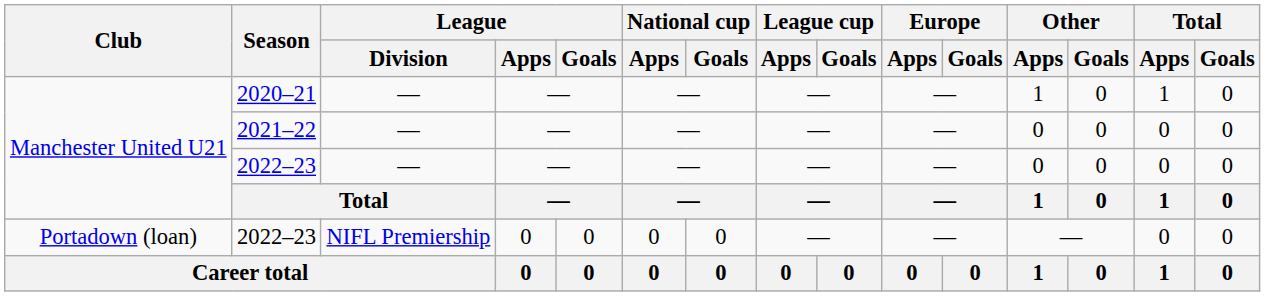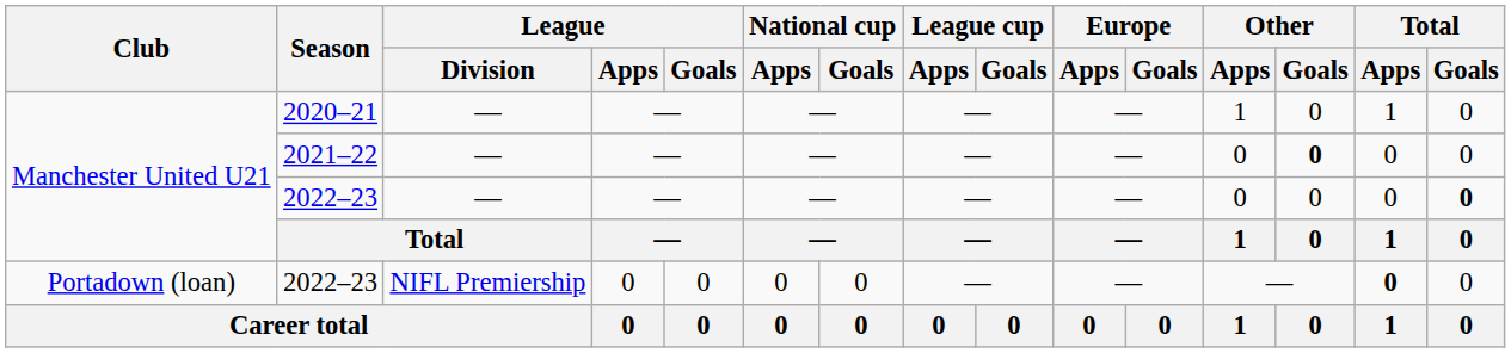 <table class=wikitable style=text-align:center>
 <tr>
 <th rowspan=2>Club</th>
 <th rowspan=2>Season</th>
 <th colspan=3>League</th>
 <th colspan=2>National cup</th>
 <th colspan=2>League cup</th>
 <th colspan=2>Europe</th>
 <th colspan=2>Other</th>
 <th colspan=2>Total</th>
 </tr>
 <tr>
 <th>Division</th>
 <th>Apps</th>
 <th>Goals</th>
 <th>Apps</th>
 <th>Goals</th>
 <th>Apps</th>
 <th>Goals</th>
 <th>Apps</th>
 <th>Goals</th>
 <th>Apps</th>
 <th>Goals</th>
 <th>Apps</th>
 <th>Goals</th>
 </tr>
 <tr>
 <td rowspan=4><a href='#'>Manchester United U21</a></td>
 <td><a href='#'>2020–21</a></td>
 <td>—</td>
 <td colspan=2>—</td>
 <td colspan=2>—</td>
 <td colspan=2>—</td>
 <td colspan=2>—</td>
 <td>1</td>
 <td>0</td>
 <td>1</td>
 <td>0</td>
 </tr>
 <tr>
 <td><a href='#'>2021–22</a></td>
 <td>—</td>
 <td colspan=2>—</td>
 <td colspan=2>—</td>
 <td colspan=2>—</td>
 <td colspan=2>—</td>
 <td>0</td>
-<td>0</td>
+<td><strong>0</strong></td>
 <td>0</td>
 <td>0</td>
 </tr>
 <tr>
 <td><a href='#'>2022–23</a></td>
 <td>—</td>
 <td colspan=2>—</td>
 <td colspan=2>—</td>
 <td colspan=2>—</td>
 <td colspan=2>—</td>
 <td>0</td>
 <td>0</td>
 <td>0</td>
-<td>0</td>
+<td><strong>0</strong></td>
 </tr>
 <tr>
 <th colspan=2>Total</th>
 <th colspan=2>—</th>
 <th colspan=2>—</th>
 <th colspan=2>—</th>
 <th colspan=2>—</th>
 <th>1</th>
 <th>0</th>
 <th>1</th>
 <th>0</th>
 </tr>
 <tr>
 <td><a href='#'>Portadown</a> (loan)</td>
 <td>2022–23</td>
 <td><a href='#'>NIFL Premiership</a></td>
 <td>0</td>
 <td>0</td>
 <td>0</td>
 <td>0</td>
 <td colspan=2>—</td>
 <td colspan=2>—</td>
 <td colspan=2>—</td>
-<td>0</td>
+<td><strong>0</strong></td>
 <td>0</td>
 </tr>
 <tr>
 <th colspan=3>Career total</th>
 <th>0</th>
 <th>0</th>
 <th>0</th>
 <th>0</th>
 <th>0</th>
 <th>0</th>
 <th>0</th>
 <th>0</th>
 <th>1</th>
 <th>0</th>
 <th>1</th>
 <th>0</th>
 </tr>
 </table>
